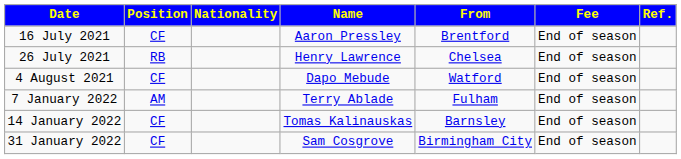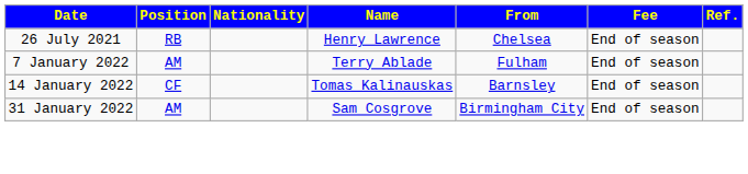 <table class="wikitable"  style="text-align:center; font-size:90%; ">
 <tr>
 <th style="background:#0000ff; color:#FFFF00; ">Date</th>
 <th style="background:#0000ff; color:#FFFF00; ">Position</th>
 <th style="background:#0000ff; color:#FFFF00; ">Nationality</th>
 <th style="background:#0000ff; color:#FFFF00; ">Name</th>
 <th style="background:#0000ff; color:#FFFF00; ">From</th>
 <th style="background:#0000ff; color:#FFFF00; ">Fee</th>
 <th style="background:#0000ff; color:#FFFF00; ">Ref.</th>
 </tr>
 <tr>
-<td>16 July 2021</td>
-<td><a href='#'>CF</a></td>
-<td></td>
-<td><a href='#'>Aaron Pressley</a></td>
-<td> <a href='#'>Brentford</a></td>
-<td>End of season</td>
-<td></td>
-</tr>
-<tr>
 <td>26 July 2021</td>
 <td><a href='#'>RB</a></td>
 <td></td>
 <td><a href='#'>Henry Lawrence</a></td>
 <td> <a href='#'>Chelsea</a></td>
-<td>End of season</td>
-<td></td>
-</tr>
-<tr>
-<td>4 August 2021</td>
-<td><a href='#'>CF</a></td>
-<td></td>
-<td><a href='#'>Dapo Mebude</a></td>
-<td> <a href='#'>Watford</a></td>
 <td>End of season</td>
 <td></td>
 </tr>
 <tr>
 <td>7 January 2022</td>
 <td><a href='#'>AM</a></td>
 <td></td>
 <td><a href='#'>Terry Ablade</a></td>
 <td> <a href='#'>Fulham</a></td>
 <td>End of season</td>
 <td></td>
 </tr>
 <tr>
 <td>14 January 2022</td>
 <td><a href='#'>CF</a></td>
 <td></td>
 <td><a href='#'>Tomas Kalinauskas</a></td>
 <td> <a href='#'>Barnsley</a></td>
 <td>End of season</td>
 <td></td>
 </tr>
 <tr>
 <td>31 January 2022</td>
-<td><a href='#'>CF</a></td>
+<td><a href='#'>AM</a></td>
 <td></td>
 <td><a href='#'>Sam Cosgrove</a></td>
 <td> <a href='#'>Birmingham City</a></td>
 <td>End of season</td>
 <td></td>
 </tr>
 </table>
